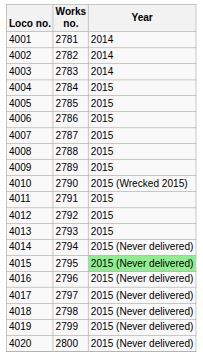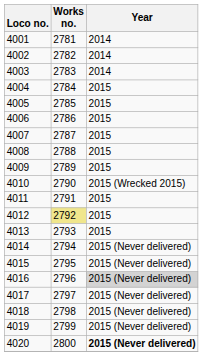 <table class="wikitable collapsible sortable collapsed" style="margin:0.5em auto; font-size:100%;">
 <tr>
 <th><br>Loco no.</th>
 <th>Works<br>no.</th>
 <th>Year</th>
 </tr>
 <tr>
 <td>4001</td>
 <td>2781</td>
 <td>2014</td>
 </tr>
 <tr>
 <td>4002</td>
 <td>2782</td>
 <td>2014</td>
 </tr>
 <tr>
 <td>4003</td>
 <td>2783</td>
 <td>2014</td>
 </tr>
 <tr>
 <td>4004</td>
 <td>2784</td>
 <td>2015</td>
 </tr>
 <tr>
 <td>4005</td>
 <td>2785</td>
 <td>2015</td>
 </tr>
 <tr>
 <td>4006</td>
 <td>2786</td>
 <td>2015</td>
 </tr>
 <tr>
 <td>4007</td>
 <td>2787</td>
 <td>2015</td>
 </tr>
 <tr>
 <td>4008</td>
 <td>2788</td>
 <td>2015</td>
 </tr>
 <tr>
 <td>4009</td>
 <td>2789</td>
 <td>2015</td>
 </tr>
 <tr>
 <td>4010</td>
 <td>2790</td>
 <td>2015 (Wrecked 2015)</td>
 </tr>
 <tr>
 <td>4011</td>
 <td>2791</td>
 <td>2015</td>
 </tr>
 <tr>
 <td>4012</td>
-<td>2792</td>
+<td style="background: khaki;">2792</td>
 <td>2015</td>
 </tr>
 <tr>
 <td>4013</td>
 <td>2793</td>
 <td>2015</td>
 </tr>
 <tr>
 <td>4014</td>
 <td>2794</td>
 <td>2015 (Never delivered)</td>
 </tr>
 <tr>
 <td>4015</td>
 <td>2795</td>
-<td style="background: lightgreen;">2015 (Never delivered)</td>
+<td>2015 (Never delivered)</td>
 </tr>
 <tr>
 <td>4016</td>
 <td>2796</td>
-<td>2015 (Never delivered)</td>
+<td style="background: lightgrey;">2015 (Never delivered)</td>
 </tr>
 <tr>
 <td>4017</td>
 <td>2797</td>
 <td>2015 (Never delivered)</td>
 </tr>
 <tr>
 <td>4018</td>
 <td>2798</td>
 <td>2015 (Never delivered)</td>
 </tr>
 <tr>
 <td>4019</td>
 <td>2799</td>
 <td>2015 (Never delivered)</td>
 </tr>
 <tr>
 <td>4020</td>
 <td>2800</td>
-<td>2015 (Never delivered)</td>
+<td><strong>2015 (Never delivered)</strong></td>
 </tr>
 <tr>
 </tr>
 </table>
